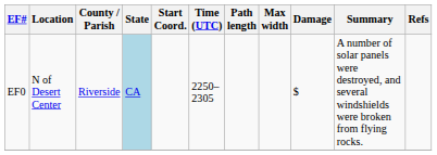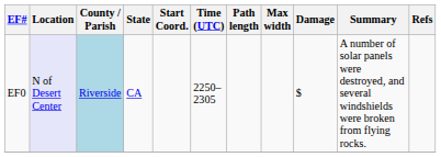 <table class="wikitable sortable" style="width:100%;">
 <tr>
 <th scope="col" width="3%" align="center"><a href='#'>EF#</a></th>
 <th scope="col" width="7%" align="center" class="unsortable">Location</th>
 <th scope="col" width="6%" align="center" class="unsortable">County / Parish</th>
 <th scope="col" width="5%" align="center">State</th>
 <th scope="col" width="6%" align="center">Start Coord.</th>
 <th scope="col" width="6%" align="center">Time (<a href='#'>UTC</a>)</th>
 <th scope="col" width="6%" align="center">Path length</th>
 <th scope="col" width="6%" align="center">Max width</th>
 <th scope="col" width="6%" align="center">Damage</th>
 <th scope="col" width="48%" class="unsortable" align="center">Summary</th>
 <th scope="col" width="48%" class="unsortable" align="center">Refs</th>
 </tr>
 <tr>
 <td>EF0</td>
-<td>N of <a href='#'>Desert Center</a></td>
-<td><a href='#'>Riverside</a></td>
-<td style="background: lightblue;"><a href='#'>CA</a></td>
+<td style="background: lavender;">N of <a href='#'>Desert Center</a></td>
+<td style="background: lightblue;"><a href='#'>Riverside</a></td>
+<td><a href='#'>CA</a></td>
 <td></td>
 <td>2250–2305</td>
 <td></td>
 <td></td>
 <td>$</td>
 <td>A number of solar panels were destroyed, and several windshields were broken from flying rocks.</td>
 <td></td>
 </tr>
 <tr>
 </tr>
 </table>
